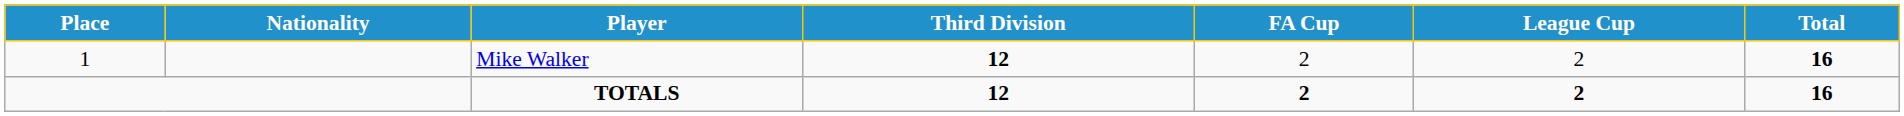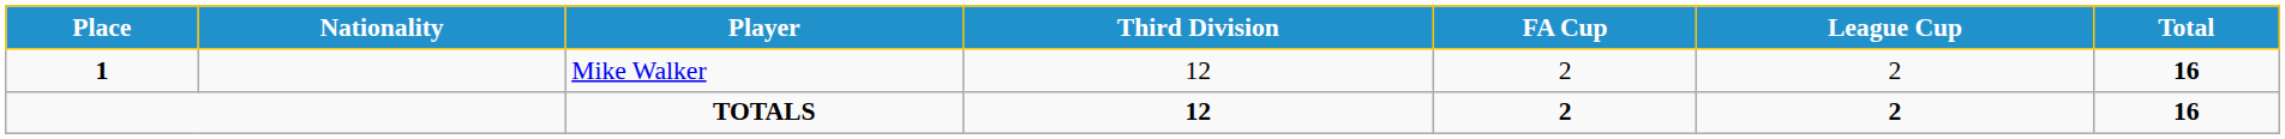 <table class="wikitable" style="text-align:center; font-size:90%; width:100%;">
 <tr>
 <th style="background:#2191CC; color:white; border:1px solid #F7C408; text-align:center;">Place</th>
 <th style="background:#2191CC; color:white; border:1px solid #F7C408; text-align:center;">Nationality</th>
 <th style="background:#2191CC; color:white; border:1px solid #F7C408; text-align:center;">Player</th>
 <th style="background:#2191CC; color:white; border:1px solid #F7C408; text-align:center;">Third Division</th>
 <th style="background:#2191CC; color:white; border:1px solid #F7C408; text-align:center;">FA Cup</th>
 <th style="background:#2191CC; color:white; border:1px solid #F7C408; text-align:center;">League Cup</th>
 <th style="background:#2191CC; color:white; border:1px solid #F7C408; text-align:center;">Total</th>
 </tr>
 <tr>
-<td>1</td>
+<td><strong>1</strong></td>
 <td></td>
 <td align="left"><a href='#'>Mike Walker</a></td>
-<td><strong>12</strong></td>
+<td>12</td>
 <td>2</td>
 <td>2</td>
 <td><strong>16</strong></td>
 </tr>
 <tr>
 <td colspan="2"></td>
 <td><strong>TOTALS</strong></td>
 <td><strong>12</strong></td>
 <td><strong>2</strong></td>
 <td><strong>2</strong></td>
 <td><strong>16</strong></td>
 </tr>
 </table>
